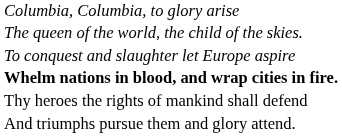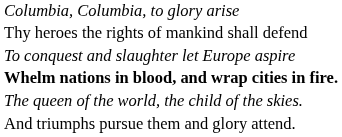 <table>
 <tr>
 <td><em>Columbia, Columbia, to glory arise</em></td>
 </tr>
 <tr>
-<td><em>The queen of the world, the child of the skies.</em></td>
+<td></em>Thy heroes the rights of mankind shall defend<em></td>
 </tr>
 <tr>
 <td><em>To conquest and slaughter let Europe aspire</em></td>
 </tr>
 <tr>
 <td><strong>Whelm nations in blood, and wrap cities in fire.<em></td>
 </tr>
 <tr>
-<td></em>Thy heroes the rights of mankind shall defend<em></td>
+<td><em>The queen of the world, the child of the skies.</em></td>
 </tr>
 <tr>
 <td></em>And triumphs pursue them and glory attend.<em></td>
 </tr>
 </table>
